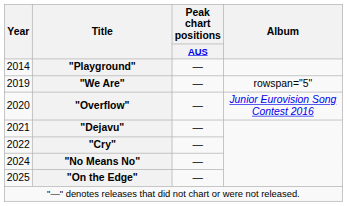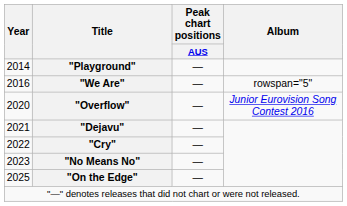 <table class="wikitable plainrowheaders" style="text-align:center;">
 <tr>
 <th scope="col" rowspan="2" style="width:1em;">Year</th>
 <th scope="col" rowspan="2" style="width:13em;">Title</th>
 <th scope="col" colspan="1">Peak chart positions</th>
 <th scope="col" rowspan="2" style="width:11em;">Album</th>
 </tr>
 <tr>
 <th scope="col" style="width:3em;font-size:90%;"><a href='#'>AUS</a><br></th>
 </tr>
 <tr>
 <td>2014</td>
 <th scope="row">"Playground"</th>
 <td>—</td>
 <td></td>
 </tr>
 <tr>
-<td>2019</td>
+<td>2016</td>
 <th scope="row">"We Are"</th>
 <td>—</td>
 <td>rowspan="5" </td>
 </tr>
 <tr>
 <td>2020</td>
 <th scope="row">"Overflow"</th>
 <td>—</td>
 <td><em><a href='#'>Junior Eurovision Song Contest 2016</a></em></td>
 </tr>
 <tr>
 <td>2021</td>
 <th scope="row">"Dejavu"</th>
 <td>—</td>
 </tr>
 <tr>
 <td>2022</td>
 <th scope="row">"Cry"</th>
 <td>—</td>
 </tr>
 <tr>
-<td>2024</td>
+<td>2023</td>
 <th scope="row">"No Means No"</th>
 <td>—</td>
 </tr>
 <tr>
 <td>2025</td>
 <th scope="row">"On the Edge"</th>
 <td>—</td>
 </tr>
 <tr>
 <td align="center" colspan="6" style="font-size:90%">"—" denotes releases that did not chart or were not released.</td>
 </tr>
 </table>
